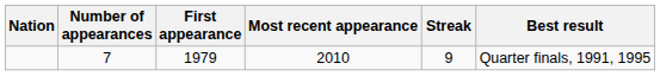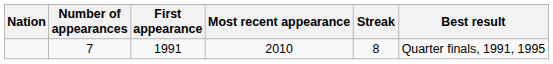 <table class="wikitable sortable" style="font-size:97%; text-align:center">
 <tr>
 <th>Nation</th>
 <th width="60">Number of appearances</th>
 <th width="60">First appearance</th>
 <th>Most recent appearance</th>
 <th width="50">Streak</th>
 <th>Best result</th>
 </tr>
 <tr>
 <td align=left></td>
 <td>7</td>
-<td>1979</td>
+<td>1991</td>
 <td>2010</td>
-<td>9</td>
+<td>8</td>
 <td>Quarter finals, 1991, 1995</td>
 </tr>
 </table>
